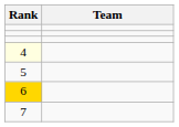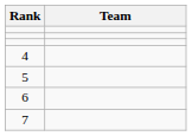 <table class="wikitable">
 <tr>
 <th width=40>Rank</th>
 <th width=160>Team</th>
 </tr>
 <tr>
 <td style="text-align:center;"></td>
 <td></td>
 </tr>
 <tr>
 <td style="text-align:center;"></td>
 <td></td>
 </tr>
 <tr>
 <td style="text-align:center;"></td>
 <td></td>
 </tr>
 <tr>
-<td style="background: lightyellow; text-align:center;">4</td>
+<td style="text-align:center;">4</td>
 <td></td>
 </tr>
 <tr>
 <td style="text-align:center;">5</td>
 <td></td>
 </tr>
 <tr>
-<td style="background: gold; text-align:center;">6</td>
+<td style="text-align:center;">6</td>
 <td></td>
 </tr>
 <tr>
 <td style="text-align:center;">7</td>
 <td></td>
 </tr>
 </table>
